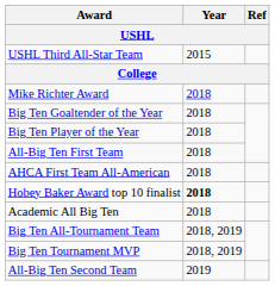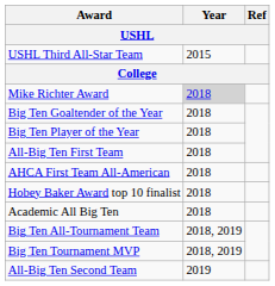 <table class="wikitable">
 <tr>
 <th>Award</th>
 <th>Year</th>
 <th>Ref</th>
 </tr>
 <tr>
 <th colspan="3"><a href='#'>USHL</a></th>
 </tr>
 <tr>
 <td><a href='#'>USHL Third All-Star Team</a></td>
 <td>2015</td>
 <td></td>
 </tr>
 <tr>
 <th colspan="3"><a href='#'>College</a></th>
 </tr>
 <tr>
 <td><a href='#'>Mike Richter Award</a></td>
-<td><a href='#'>2018</a></td>
+<td style="background: lightgrey;"><a href='#'>2018</a></td>
 <td></td>
 </tr>
 <tr>
 <td><a href='#'>Big Ten Goaltender of the Year</a></td>
 <td>2018</td>
 <td rowspan="3"></td>
 </tr>
 <tr>
 <td><a href='#'>Big Ten Player of the Year</a></td>
 <td>2018</td>
 </tr>
 <tr>
 <td><a href='#'>All-Big Ten First Team</a></td>
 <td>2018</td>
 </tr>
 <tr>
 <td><a href='#'>AHCA First Team All-American</a></td>
 <td>2018</td>
 <td></td>
 </tr>
 <tr>
 <td><a href='#'>Hobey Baker Award</a> top 10 finalist</td>
-<td><strong>2018</strong></td>
+<td>2018</td>
 <td></td>
 </tr>
 <tr>
 <td>Academic All Big Ten</td>
 <td>2018</td>
 <td></td>
 </tr>
 <tr>
 <td><a href='#'>Big Ten All-Tournament Team</a></td>
 <td>2018, 2019</td>
 <td rowspan="2"></td>
 </tr>
 <tr>
 <td><a href='#'>Big Ten Tournament MVP</a></td>
 <td>2018, 2019</td>
 </tr>
 <tr>
 <td><a href='#'>All-Big Ten Second Team</a></td>
 <td>2019</td>
 <td></td>
 </tr>
 </table>
